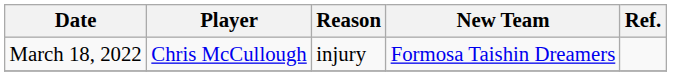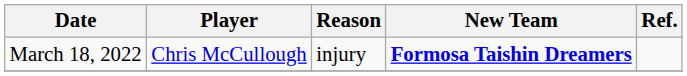 <table class="wikitable">
 <tr>
 <th>Date</th>
 <th>Player</th>
 <th>Reason</th>
 <th>New Team</th>
 <th>Ref.</th>
 </tr>
 <tr>
 <td>March 18, 2022</td>
 <td><a href='#'>Chris McCullough</a></td>
 <td>injury</td>
-<td><a href='#'>Formosa Taishin Dreamers</a></td>
+<td><strong><a href='#'>Formosa Taishin Dreamers</a></strong></td>
 <td></td>
 </tr>
 <tr>
 </tr>
 </table>
